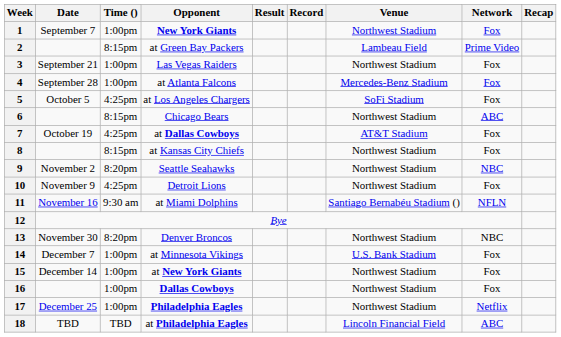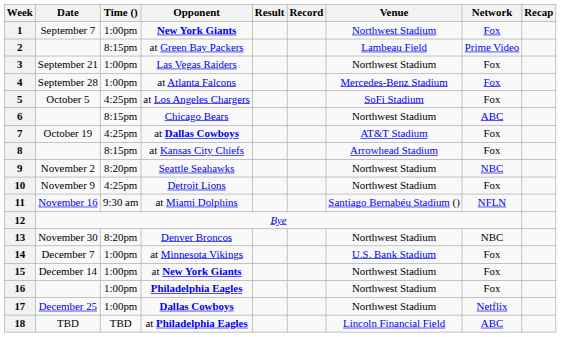 <table class="wikitable" style="text-align:center">
 <tr>
 <th>Week</th>
 <th>Date</th>
 <th>Time (<a href='#'></a>)</th>
 <th>Opponent</th>
 <th>Result</th>
 <th>Record</th>
 <th>Venue</th>
 <th>Network</th>
 <th>Recap</th>
 </tr>
 <tr>
 <th>1 </th>
 <td>September 7</td>
 <td>1:00pm</td>
 <td><strong><a href='#'>New York Giants</a></strong></td>
 <td></td>
 <td></td>
 <td><a href='#'>Northwest Stadium</a></td>
 <td><a href='#'>Fox</a></td>
 <td></td>
 </tr>
 <tr>
 <th>2 </th>
 <td></td>
 <td>8:15pm</td>
 <td>at <a href='#'>Green Bay Packers</a></td>
 <td></td>
 <td></td>
 <td><a href='#'>Lambeau Field</a></td>
 <td><a href='#'>Prime Video</a></td>
 <td></td>
 </tr>
 <tr>
 <th>3 </th>
 <td>September 21</td>
 <td>1:00pm</td>
 <td><a href='#'>Las Vegas Raiders</a></td>
 <td></td>
 <td></td>
 <td>Northwest Stadium</td>
 <td>Fox</td>
 <td></td>
 </tr>
 <tr>
 <th>4</th>
 <td>September 28</td>
 <td>1:00pm</td>
 <td>at <a href='#'>Atlanta Falcons</a></td>
 <td></td>
 <td></td>
 <td><a href='#'>Mercedes-Benz Stadium</a></td>
 <td><a href='#'>Fox</a></td>
 <td></td>
 </tr>
 <tr>
 <th>5</th>
 <td>October 5</td>
 <td>4:25pm</td>
 <td>at <a href='#'>Los Angeles Chargers</a></td>
 <td></td>
 <td></td>
 <td><a href='#'>SoFi Stadium</a></td>
 <td>Fox</td>
 <td></td>
 </tr>
 <tr>
 <th>6</th>
 <td></td>
 <td>8:15pm</td>
 <td><a href='#'>Chicago Bears</a></td>
 <td></td>
 <td></td>
 <td>Northwest Stadium</td>
 <td><a href='#'>ABC</a></td>
 <td></td>
 </tr>
 <tr>
 <th>7</th>
 <td>October 19</td>
 <td>4:25pm</td>
 <td>at <strong><a href='#'>Dallas Cowboys</a></strong></td>
 <td></td>
 <td></td>
 <td><a href='#'>AT&T Stadium</a></td>
 <td>Fox</td>
 <td></td>
 </tr>
 <tr>
 <th>8</th>
 <td></td>
 <td>8:15pm</td>
 <td>at <a href='#'>Kansas City Chiefs</a></td>
 <td></td>
 <td></td>
-<td>Northwest Stadium</td>
+<td><a href='#'>Arrowhead Stadium</a></td>
 <td>Fox</td>
 <td></td>
 </tr>
 <tr>
 <th>9</th>
 <td>November 2</td>
 <td>8:20pm</td>
 <td><a href='#'>Seattle Seahawks</a></td>
 <td></td>
 <td></td>
 <td>Northwest Stadium</td>
 <td><a href='#'>NBC</a></td>
 <td></td>
 </tr>
 <tr>
 <th>10</th>
 <td>November 9</td>
 <td>4:25pm</td>
 <td><a href='#'>Detroit Lions</a></td>
 <td></td>
 <td></td>
 <td>Northwest Stadium</td>
 <td>Fox</td>
 <td></td>
 </tr>
 <tr>
 <th>11 </th>
 <td><a href='#'>November 16</a></td>
 <td>9:30 am</td>
 <td>at <a href='#'>Miami Dolphins</a></td>
 <td></td>
 <td></td>
 <td> <a href='#'>Santiago Bernabéu Stadium</a> ()</td>
 <td><a href='#'>NFLN</a></td>
 <td></td>
 </tr>
 <tr>
 <th>12</th>
 <td colspan="7"><em><a href='#'>Bye</a></em></td>
 </tr>
 <tr>
 <th>13</th>
 <td>November 30</td>
 <td>8:20pm</td>
 <td><a href='#'>Denver Broncos</a></td>
 <td></td>
 <td></td>
 <td>Northwest Stadium</td>
 <td>NBC</td>
 <td></td>
 </tr>
 <tr>
 <th>14</th>
 <td>December 7</td>
 <td>1:00pm</td>
 <td>at <a href='#'>Minnesota Vikings</a></td>
 <td></td>
 <td></td>
 <td><a href='#'>U.S. Bank Stadium</a></td>
 <td>Fox</td>
 <td></td>
 </tr>
 <tr>
 <th>15</th>
 <td>December 14</td>
 <td>1:00pm</td>
 <td>at <strong><a href='#'>New York Giants</a></strong></td>
 <td></td>
 <td></td>
 <td>Northwest Stadium</td>
 <td>Fox</td>
 <td></td>
 </tr>
 <tr>
 <th>16</th>
 <td></td>
 <td>1:00pm</td>
-<td><strong><a href='#'>Dallas Cowboys</a></strong></td>
+<td><strong><a href='#'>Philadelphia Eagles</a></strong></td>
 <td></td>
 <td></td>
 <td>Northwest Stadium</td>
 <td>Fox</td>
 <td></td>
 </tr>
 <tr>
 <th>17 </th>
 <td><a href='#'>December 25</a></td>
 <td>1:00pm</td>
-<td><strong><a href='#'>Philadelphia Eagles</a></strong></td>
+<td><strong><a href='#'>Dallas Cowboys</a></strong></td>
 <td></td>
 <td></td>
 <td>Northwest Stadium</td>
 <td><a href='#'>Netflix</a></td>
 <td></td>
 </tr>
 <tr>
 <th>18</th>
 <td>TBD</td>
 <td>TBD</td>
 <td>at <strong><a href='#'>Philadelphia Eagles</a></strong></td>
 <td></td>
 <td></td>
 <td><a href='#'>Lincoln Financial Field</a></td>
 <td><a href='#'>ABC</a></td>
 <td></td>
 </tr>
 </table>
